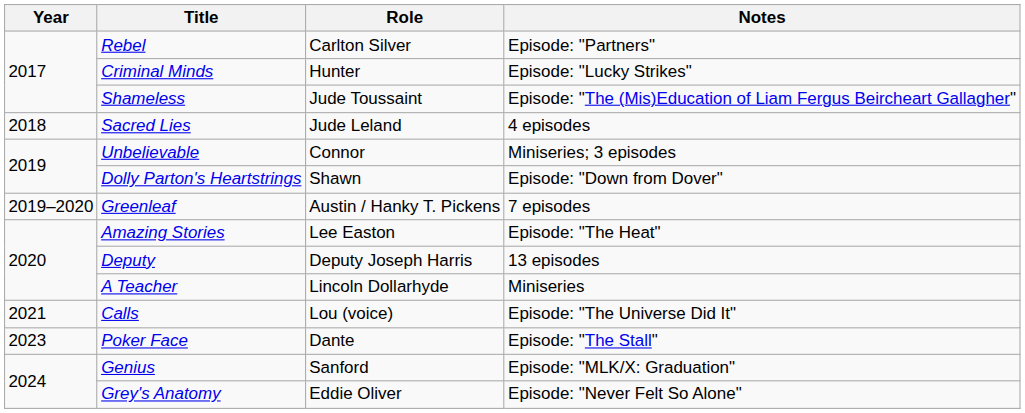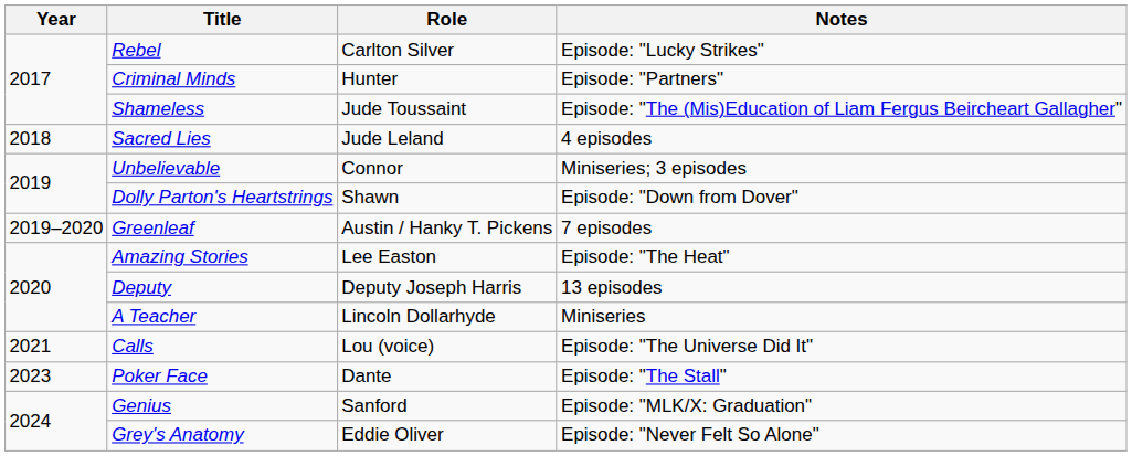 <table class="wikitable sortable">
 <tr>
 <th>Year</th>
 <th>Title</th>
 <th>Role</th>
 <th class="unsortable">Notes</th>
 </tr>
 <tr>
 <td rowspan="3">2017</td>
 <td><em><a href='#'>Rebel</a></em></td>
 <td>Carlton Silver</td>
-<td>Episode: "Partners"</td>
+<td>Episode: "Lucky Strikes"</td>
 </tr>
 <tr>
 <td><em><a href='#'>Criminal Minds</a></em></td>
 <td>Hunter</td>
-<td>Episode: "Lucky Strikes"</td>
+<td>Episode: "Partners"</td>
 </tr>
 <tr>
 <td><em><a href='#'>Shameless</a></em></td>
 <td>Jude Toussaint</td>
 <td>Episode: "<a href='#'>The (Mis)Education of Liam Fergus Beircheart Gallagher</a>"</td>
 </tr>
 <tr>
 <td>2018</td>
 <td><em><a href='#'>Sacred Lies</a></em></td>
 <td>Jude Leland</td>
 <td>4 episodes</td>
 </tr>
 <tr>
 <td rowspan="2">2019</td>
 <td><em><a href='#'>Unbelievable</a></em></td>
 <td>Connor</td>
 <td>Miniseries; 3 episodes</td>
 </tr>
 <tr>
 <td><em><a href='#'>Dolly Parton's Heartstrings</a></em></td>
 <td>Shawn</td>
 <td>Episode: "Down from Dover"</td>
 </tr>
 <tr>
 <td>2019–2020</td>
 <td><em><a href='#'>Greenleaf</a></em></td>
 <td>Austin / Hanky T. Pickens</td>
 <td>7 episodes</td>
 </tr>
 <tr>
 <td rowspan="3">2020</td>
 <td><em><a href='#'>Amazing Stories</a></em></td>
 <td>Lee Easton</td>
 <td>Episode: "The Heat"</td>
 </tr>
 <tr>
 <td><em><a href='#'>Deputy</a></em></td>
 <td>Deputy Joseph Harris</td>
 <td>13 episodes</td>
 </tr>
 <tr>
 <td><em><a href='#'>A Teacher</a></em></td>
 <td>Lincoln Dollarhyde</td>
 <td>Miniseries</td>
 </tr>
 <tr>
 <td>2021</td>
 <td><em><a href='#'>Calls</a></em></td>
 <td>Lou (voice)</td>
 <td>Episode: "The Universe Did It"</td>
 </tr>
 <tr>
 <td>2023</td>
 <td><em><a href='#'>Poker Face</a></em></td>
 <td>Dante</td>
 <td>Episode: "<a href='#'>The Stall</a>"</td>
 </tr>
 <tr>
 <td rowspan="2">2024</td>
 <td><em><a href='#'>Genius</a></em></td>
 <td>Sanford</td>
 <td>Episode: "MLK/X: Graduation"</td>
 </tr>
 <tr>
 <td><em><a href='#'>Grey's Anatomy</a></em></td>
 <td>Eddie Oliver</td>
 <td>Episode: "Never Felt So Alone"</td>
 </tr>
 </table>
